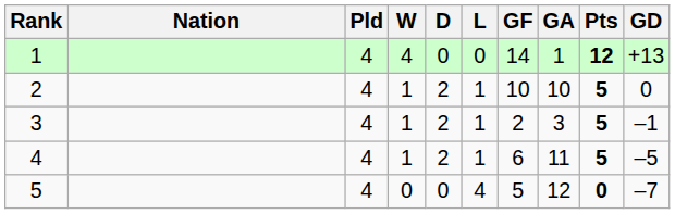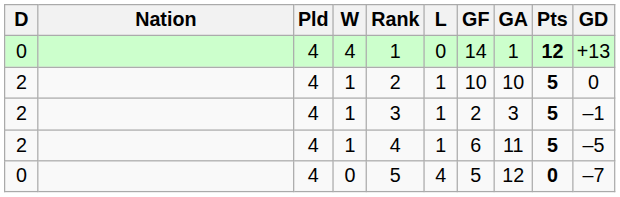 <table class="wikitable" style="text-align: center;">
 <tr>
-<th width=5>Rank</th>
+<th width=20>D</th>
 <th width=200>Nation</th>
 <th width=20>Pld</th>
 <th width=20>W</th>
-<th width=20>D</th>
+<th width=5>Rank</th>
 <th width=20>L</th>
 <th width=20>GF</th>
 <th width=20>GA</th>
 <th width=20>Pts</th>
 <th width=20>GD</th>
 </tr>
 <tr style="background:#ccffcc">
-<td>1</td>
+<td>0</td>
 <td style="text-align:left"></td>
 <td>4</td>
 <td>4</td>
-<td>0</td>
+<td>1</td>
 <td>0</td>
 <td>14</td>
 <td>1</td>
 <td><strong>12</strong></td>
 <td>+13</td>
 </tr>
 <tr>
 <td>2</td>
 <td style="text-align:left"></td>
 <td>4</td>
 <td>1</td>
 <td>2</td>
 <td>1</td>
 <td>10</td>
 <td>10</td>
 <td><strong>5</strong></td>
 <td>0</td>
 </tr>
 <tr>
-<td>3</td>
+<td>2</td>
 <td style="text-align:left"></td>
 <td>4</td>
 <td>1</td>
-<td>2</td>
+<td>3</td>
 <td>1</td>
 <td>2</td>
 <td>3</td>
 <td><strong>5</strong></td>
 <td>–1</td>
 </tr>
 <tr>
-<td>4</td>
+<td>2</td>
 <td style="text-align:left"></td>
 <td>4</td>
 <td>1</td>
-<td>2</td>
+<td>4</td>
 <td>1</td>
 <td>6</td>
 <td>11</td>
 <td><strong>5</strong></td>
 <td>–5</td>
 </tr>
 <tr>
-<td>5</td>
+<td>0</td>
 <td style="text-align:left"></td>
 <td>4</td>
 <td>0</td>
-<td>0</td>
+<td>5</td>
 <td>4</td>
 <td>5</td>
 <td>12</td>
 <td><strong>0</strong></td>
 <td>–7</td>
 </tr>
 </table>
